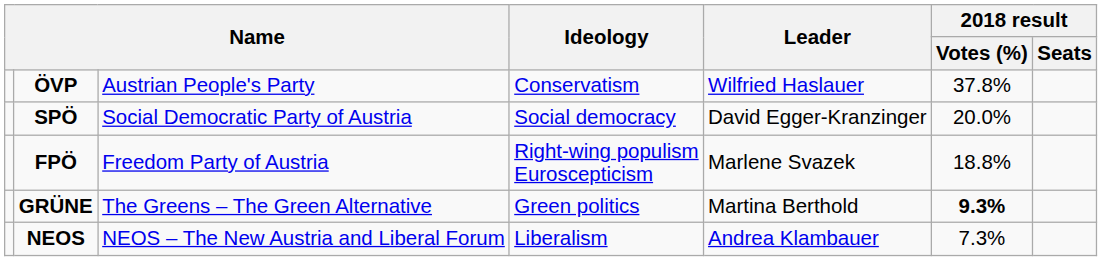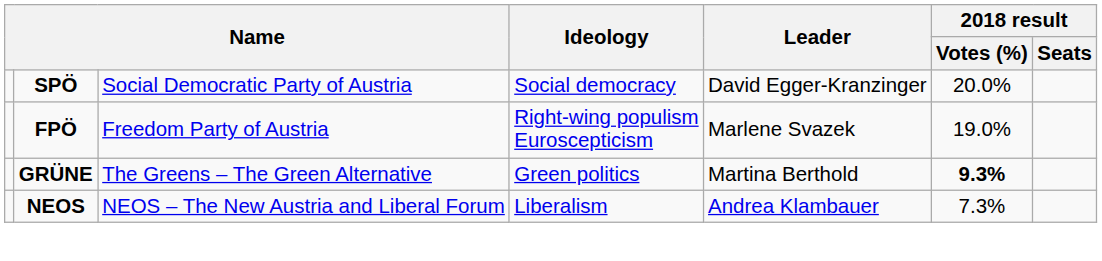 <table class="wikitable">
 <tr>
 <th rowspan="2" colspan="3">Name</th>
 <th rowspan="2">Ideology</th>
 <th rowspan="2">Leader</th>
 <th colspan="2">2018 result</th>
 </tr>
 <tr>
 <th>Votes (%)</th>
 <th>Seats</th>
-</tr>
-<tr>
-<td style="background:"></td>
-<td style="text-align:center;"><strong>ÖVP</strong></td>
-<td><a href='#'>Austrian People's Party</a><br></td>
-<td><a href='#'>Conservatism</a></td>
-<td><a href='#'>Wilfried Haslauer</a></td>
-<td style="text-align:center;">37.8%</td>
-<td></td>
 </tr>
 <tr>
 <td style="background:"></td>
 <td style="text-align:center;"><strong>SPÖ</strong></td>
 <td><a href='#'>Social Democratic Party of Austria</a><br></td>
 <td><a href='#'>Social democracy</a></td>
 <td>David Egger-Kranzinger</td>
 <td style="text-align:center;">20.0%</td>
 <td></td>
 </tr>
 <tr>
 <td style="background:"></td>
 <td style="text-align:center;"><strong>FPÖ</strong></td>
 <td><a href='#'>Freedom Party of Austria</a><br></td>
 <td><a href='#'>Right-wing populism</a><br><a href='#'>Euroscepticism</a></td>
 <td>Marlene Svazek</td>
-<td style="text-align:center;">18.8%</td>
+<td style="text-align:center;">19.0%</td>
 <td></td>
 </tr>
 <tr>
 <td style="background:"></td>
 <td style="text-align:center;"><strong>GRÜNE</strong></td>
 <td><a href='#'>The Greens – The Green Alternative</a><br></td>
 <td><a href='#'>Green politics</a></td>
 <td>Martina Berthold</td>
 <td style="text-align:center;"><strong>9.3%</strong></td>
 <td></td>
 </tr>
 <tr>
 <td style="background:"></td>
 <td style="text-align:center;"><strong>NEOS</strong></td>
 <td><a href='#'>NEOS – The New Austria and Liberal Forum</a><br></td>
 <td><a href='#'>Liberalism</a></td>
 <td><a href='#'>Andrea Klambauer</a></td>
 <td style="text-align:center;">7.3%</td>
 <td></td>
 </tr>
 </table>
